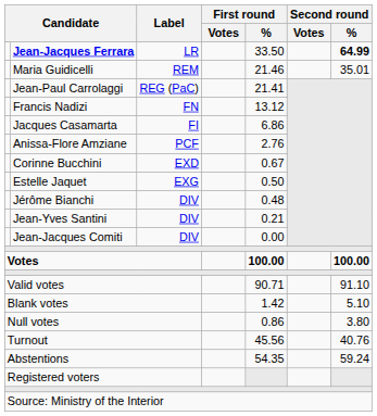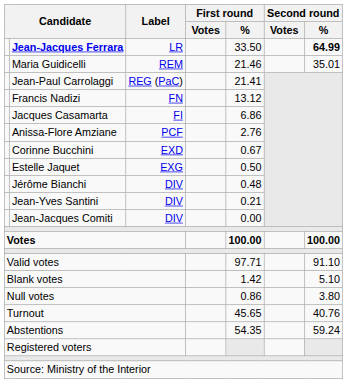 <table class="wikitable" style="text-align:right;font-size:95%;">
 <tr>
 <th rowspan="2" colspan="2">Candidate</th>
 <th rowspan="2">Label</th>
 <th colspan="2">First round</th>
 <th colspan="2">Second round</th>
 </tr>
 <tr>
 <th style="width:50px;">Votes</th>
 <th style="width:45px;">%</th>
 <th style="width:50px;">Votes</th>
 <th style="width:45px;">%</th>
 </tr>
 <tr>
 <td style="color:inherit;background:"></td>
 <td style="text-align:left;"><strong><a href='#'>Jean-Jacques Ferrara</a></strong></td>
 <td><a href='#'>LR</a></td>
 <td></td>
 <td>33.50</td>
 <td><strong></strong></td>
 <td><strong>64.99</strong></td>
 </tr>
 <tr>
 <td style="color:inherit;background:"></td>
 <td style="text-align:left;">Maria Guidicelli</td>
 <td><a href='#'>REM</a></td>
 <td></td>
 <td>21.46</td>
 <td></td>
 <td>35.01</td>
 </tr>
 <tr>
 <td style="color:inherit;background:"></td>
 <td style="text-align:left;">Jean-Paul Carrolaggi</td>
 <td><a href='#'>REG</a> (<a href='#'>PaC</a>)</td>
 <td></td>
 <td>21.41</td>
 <td colspan="2" rowspan="9" style="background:#E9E9E9;"></td>
 </tr>
 <tr>
 <td style="color:inherit;background:"></td>
 <td style="text-align:left;">Francis Nadizi</td>
 <td><a href='#'>FN</a></td>
 <td></td>
 <td>13.12</td>
 </tr>
 <tr>
 <td style="color:inherit;background:"></td>
 <td style="text-align:left;">Jacques Casamarta</td>
 <td><a href='#'>FI</a></td>
 <td></td>
 <td>6.86</td>
 </tr>
 <tr>
 <td style="color:inherit;background:"></td>
 <td style="text-align:left;">Anissa-Flore Amziane</td>
 <td><a href='#'>PCF</a></td>
 <td></td>
 <td>2.76</td>
 </tr>
 <tr>
 <td style="color:inherit;background:"></td>
 <td style="text-align:left;">Corinne Bucchini</td>
 <td><a href='#'>EXD</a></td>
 <td></td>
 <td>0.67</td>
 </tr>
 <tr>
 <td style="color:inherit;background:"></td>
 <td style="text-align:left;">Estelle Jaquet</td>
 <td><a href='#'>EXG</a></td>
 <td></td>
 <td>0.50</td>
 </tr>
 <tr>
 <td style="color:inherit;background:"></td>
 <td style="text-align:left;">Jérôme Bianchi</td>
 <td><a href='#'>DIV</a></td>
 <td></td>
 <td>0.48</td>
 </tr>
 <tr>
 <td style="color:inherit;background:"></td>
 <td style="text-align:left;">Jean-Yves Santini</td>
 <td><a href='#'>DIV</a></td>
 <td></td>
 <td>0.21</td>
 </tr>
 <tr>
 <td style="color:inherit;background:"></td>
 <td style="text-align:left;">Jean-Jacques Comiti</td>
 <td><a href='#'>DIV</a></td>
 <td></td>
 <td>0.00</td>
 </tr>
 <tr>
 <td colspan="7" style="background:#E9E9E9;"></td>
 </tr>
 <tr style="font-weight:bold;">
 <td colspan="3" style="text-align:left;">Votes</td>
 <td></td>
 <td>100.00</td>
 <td></td>
 <td>100.00</td>
 </tr>
 <tr>
 <td colspan="7" style="background:#E9E9E9;"></td>
 </tr>
 <tr>
 <td colspan="3" style="text-align:left;">Valid votes</td>
 <td></td>
-<td>90.71</td>
+<td>97.71</td>
 <td></td>
 <td>91.10</td>
 </tr>
 <tr>
 <td colspan="3" style="text-align:left;">Blank votes</td>
 <td></td>
 <td>1.42</td>
 <td></td>
 <td>5.10</td>
 </tr>
 <tr>
 <td colspan="3" style="text-align:left;">Null votes</td>
 <td></td>
 <td>0.86</td>
 <td></td>
 <td>3.80</td>
 </tr>
 <tr>
 <td colspan="3" style="text-align:left;">Turnout</td>
 <td></td>
-<td>45.56</td>
+<td>45.65</td>
 <td></td>
 <td>40.76</td>
 </tr>
 <tr>
 <td colspan="3" style="text-align:left;">Abstentions</td>
 <td></td>
 <td>54.35</td>
 <td></td>
 <td>59.24</td>
 </tr>
 <tr>
 <td colspan="3" style="text-align:left;">Registered voters</td>
 <td></td>
 <td style="background:#E9E9E9;"></td>
 <td></td>
 <td style="background:#E9E9E9;"></td>
 </tr>
 <tr>
 <td colspan="7" style="background:#E9E9E9;"></td>
 </tr>
 <tr>
 <td colspan="7" style="text-align:left;">Source: Ministry of the Interior</td>
 </tr>
 </table>
